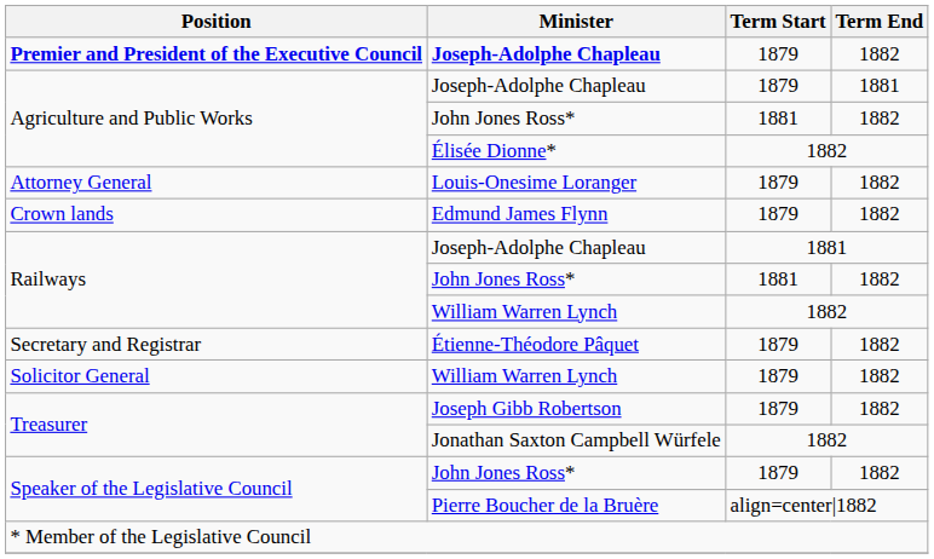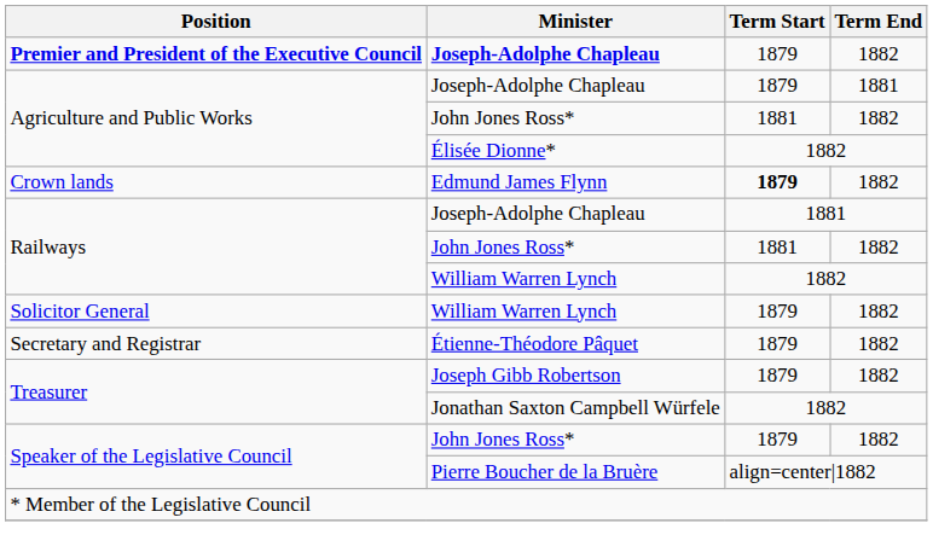 <table class="wikitable">
 <tr>
 <th>Position</th>
 <th>Minister</th>
 <th>Term Start</th>
 <th>Term End</th>
 </tr>
 <tr>
 <td><strong><a href='#'>Premier and President of the Executive Council</a></strong></td>
 <td><strong><a href='#'>Joseph-Adolphe Chapleau</a></strong></td>
 <td align=center>1879</td>
 <td align=center>1882</td>
 </tr>
 <tr>
 <td rowspan = "3">Agriculture and Public Works</td>
 <td>Joseph-Adolphe Chapleau</td>
 <td align=center>1879</td>
 <td align=center>1881</td>
 </tr>
 <tr>
 <td>John Jones Ross*</td>
 <td align=center>1881</td>
 <td align=center>1882</td>
 </tr>
 <tr>
 <td><a href='#'>Élisée Dionne</a>*</td>
 <td colspan ="2" align=center>1882</td>
 </tr>
 <tr>
-<td><a href='#'>Attorney General</a></td>
-<td><a href='#'>Louis-Onesime Loranger</a></td>
-<td align=center>1879</td>
-<td align=center>1882</td>
-</tr>
-<tr>
 <td><a href='#'>Crown lands</a></td>
 <td><a href='#'>Edmund James Flynn</a></td>
-<td align=center>1879</td>
+<td align=center><strong>1879</strong></td>
 <td align=center>1882</td>
 </tr>
 <tr>
 <td rowspan = "3">Railways</td>
 <td>Joseph-Adolphe Chapleau</td>
 <td colspan ="2" align=center>1881</td>
 </tr>
 <tr>
 <td><a href='#'>John Jones Ross</a>*</td>
 <td align=center>1881</td>
 <td align=center>1882</td>
 </tr>
 <tr>
 <td><a href='#'>William Warren Lynch</a></td>
 <td colspan ="2" align=center>1882</td>
 </tr>
 <tr>
-<td>Secretary and Registrar</td>
-<td><a href='#'>Étienne-Théodore Pâquet</a></td>
+<td><a href='#'>Solicitor General</a></td>
+<td><a href='#'>William Warren Lynch</a></td>
 <td align=center>1879</td>
 <td align=center>1882</td>
 </tr>
 <tr>
-<td><a href='#'>Solicitor General</a></td>
-<td><a href='#'>William Warren Lynch</a></td>
+<td>Secretary and Registrar</td>
+<td><a href='#'>Étienne-Théodore Pâquet</a></td>
 <td align=center>1879</td>
 <td align=center>1882</td>
 </tr>
 <tr>
 <td rowspan = "2"><a href='#'>Treasurer</a></td>
 <td><a href='#'>Joseph Gibb Robertson</a></td>
 <td align=center>1879</td>
 <td align=center>1882</td>
 </tr>
 <tr>
 <td>Jonathan Saxton Campbell Würfele</td>
 <td colspan = "2" align=center>1882</td>
 </tr>
 <tr>
 <td rowspan = "2"><a href='#'>Speaker of the Legislative Council</a></td>
 <td><a href='#'>John Jones Ross</a>*</td>
 <td align=center>1879</td>
 <td align=center>1882</td>
 </tr>
 <tr>
 <td><a href='#'>Pierre Boucher de la Bruère</a></td>
 <td colspan = "2">align=center|1882</td>
 </tr>
 <tr>
 <td colspan = "4">* Member of the Legislative Council</td>
 </tr>
 <tr>
 </tr>
 </table>
